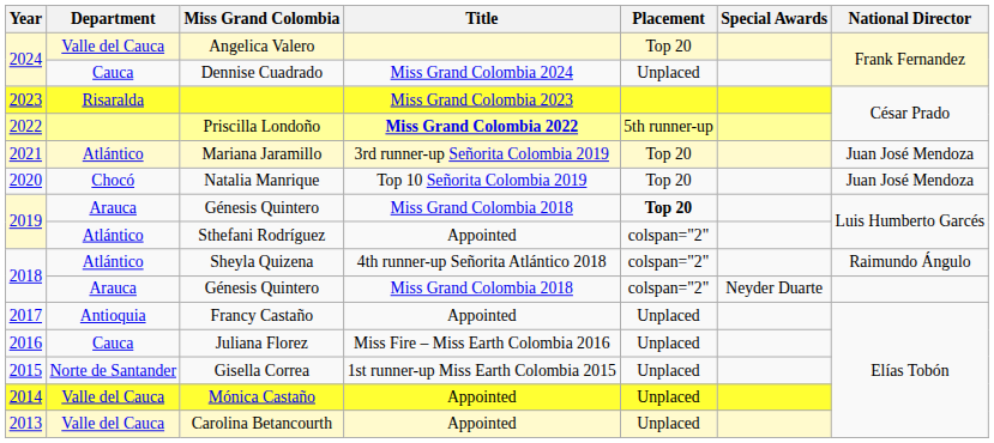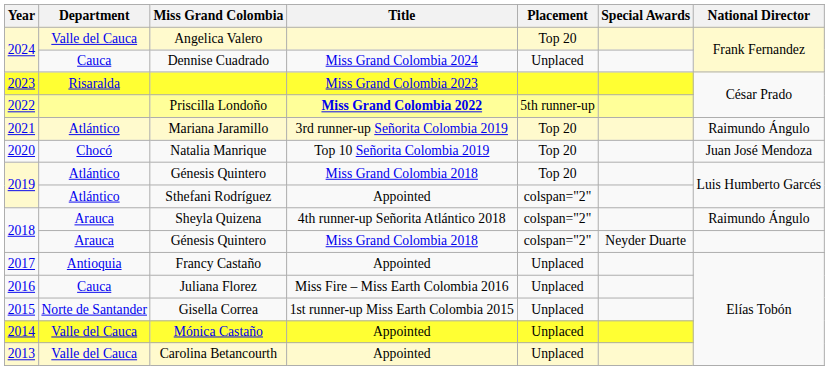 <table class="wikitable" style="font-size: 90%; text-align:center">
 <tr>
 <th>Year</th>
 <th>Department</th>
 <th>Miss Grand Colombia</th>
 <th>Title</th>
 <th>Placement</th>
 <th>Special Awards</th>
 <th>National Director</th>
 </tr>
 <tr bgcolor=#FFFACD>
 <td rowspan=2><a href='#'>2024</a></td>
 <td><a href='#'>Valle del Cauca</a></td>
 <td>Angelica Valero</td>
 <td></td>
 <td>Top 20</td>
 <td></td>
 <td rowspan=2>Frank Fernandez</td>
 </tr>
 <tr>
 <td><a href='#'>Cauca</a></td>
 <td>Dennise Cuadrado</td>
 <td><a href='#'>Miss Grand Colombia 2024</a></td>
 <td>Unplaced</td>
 </tr>
 <tr>
 <td bgcolor=#FFFF33><a href='#'>2023</a></td>
 <td bgcolor=#FFFF33><a href='#'>Risaralda</a></td>
 <td bgcolor=#FFFF33></td>
 <td bgcolor=#FFFF33><a href='#'>Miss Grand Colombia 2023</a></td>
 <td bgcolor=#FFFF33></td>
 <td bgcolor=#FFFF33></td>
 <td rowspan=2>César Prado</td>
 </tr>
 <tr bgcolor=#FFFF99>
 <td><a href='#'>2022</a></td>
 <td></td>
 <td>Priscilla Londoño</td>
 <td><strong><a href='#'>Miss Grand Colombia 2022</a></strong></td>
 <td>5th runner-up</td>
 <td></td>
 </tr>
 <tr>
 <td bgcolor=#FFFACD><a href='#'>2021</a></td>
 <td bgcolor=#FFFACD><a href='#'>Atlántico</a></td>
 <td bgcolor=#FFFACD>Mariana Jaramillo</td>
 <td bgcolor=#FFFACD>3rd runner-up <a href='#'>Señorita Colombia 2019</a></td>
 <td bgcolor=#FFFACD>Top 20</td>
 <td bgcolor=#FFFACD></td>
-<td>Juan José Mendoza</td>
+<td>Raimundo Ángulo</td>
 </tr>
 <tr>
 <td><a href='#'>2020</a></td>
 <td><a href='#'>Chocó</a></td>
 <td>Natalia Manrique</td>
 <td>Top 10 <a href='#'>Señorita Colombia 2019</a></td>
 <td>Top 20</td>
 <td></td>
 <td>Juan José Mendoza</td>
 </tr>
 <tr>
 <td bgcolor=#FFFACD rowspan="2"><a href='#'>2019</a></td>
-<td><a href='#'>Arauca</a></td>
+<td><a href='#'>Atlántico</a></td>
 <td>Génesis Quintero</td>
 <td><a href='#'>Miss Grand Colombia 2018</a></td>
-<td><strong>Top 20</strong></td>
+<td>Top 20</td>
 <td></td>
 <td rowspan=2>Luis Humberto Garcés</td>
 </tr>
 <tr>
 <td><a href='#'>Atlántico</a></td>
 <td>Sthefani Rodríguez</td>
 <td>Appointed</td>
 <td>colspan="2" </td>
 </tr>
 <tr>
 <td rowspan="2"><a href='#'>2018</a></td>
-<td><a href='#'>Atlántico</a></td>
+<td><a href='#'>Arauca</a></td>
 <td>Sheyla Quizena</td>
 <td>4th runner-up Señorita Atlántico 2018</td>
 <td>colspan="2" </td>
 <td></td>
 <td>Raimundo Ángulo</td>
 </tr>
 <tr>
 <td><a href='#'>Arauca</a></td>
 <td>Génesis Quintero</td>
 <td><a href='#'>Miss Grand Colombia 2018</a></td>
 <td>colspan="2" </td>
 <td>Neyder Duarte</td>
 </tr>
 <tr>
 <td><a href='#'>2017</a></td>
 <td><a href='#'>Antioquia</a></td>
 <td>Francy Castaño</td>
 <td>Appointed</td>
 <td>Unplaced</td>
 <td></td>
 <td rowspan=5>Elías Tobón</td>
 </tr>
 <tr>
 <td><a href='#'>2016</a></td>
 <td><a href='#'>Cauca</a></td>
 <td>Juliana Florez</td>
 <td>Miss Fire – Miss Earth Colombia 2016</td>
 <td>Unplaced</td>
 <td></td>
 </tr>
 <tr>
 <td><a href='#'>2015</a></td>
 <td><a href='#'>Norte de Santander</a></td>
 <td>Gisella Correa</td>
 <td>1st runner-up Miss Earth Colombia 2015</td>
 <td>Unplaced</td>
 <td></td>
 </tr>
 <tr bgcolor=#FFFF33>
 <td><a href='#'>2014</a></td>
 <td><a href='#'>Valle del Cauca</a></td>
 <td><a href='#'>Mónica Castaño</a></td>
 <td>Appointed</td>
 <td>Unplaced</td>
 <td></td>
 </tr>
 <tr bgcolor=#FFFACD>
 <td><a href='#'>2013</a></td>
 <td><a href='#'>Valle del Cauca</a></td>
 <td>Carolina Betancourth</td>
 <td>Appointed</td>
 <td>Unplaced</td>
 <td></td>
 </tr>
 </table>
